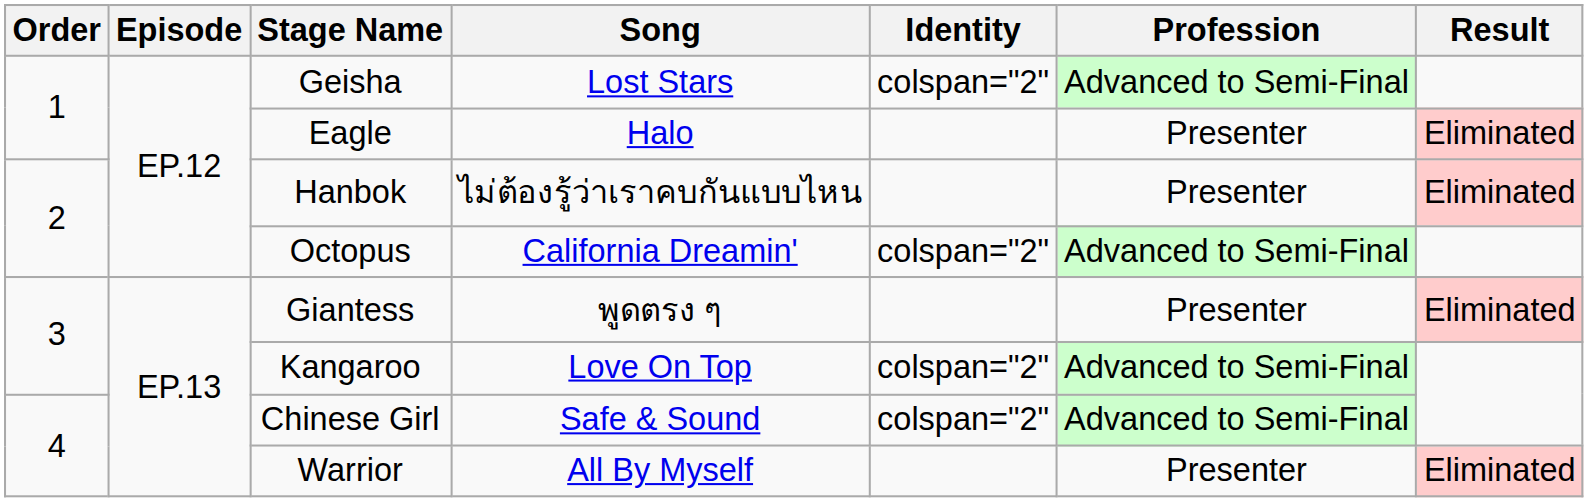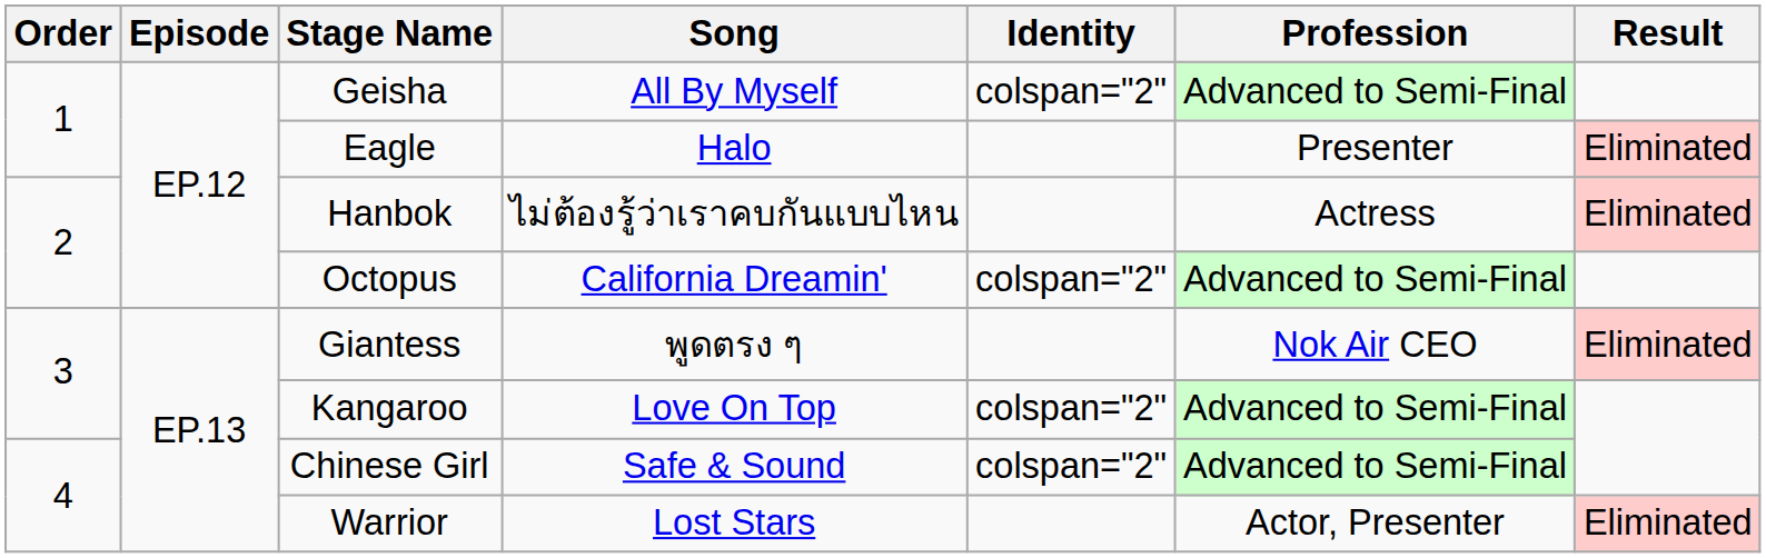 <table class="wikitable">
 <tr>
 <th>Order</th>
 <th>Episode</th>
 <th>Stage Name</th>
 <th>Song</th>
 <th>Identity</th>
 <th>Profession</th>
 <th>Result</th>
 </tr>
 <tr>
 <td rowspan="2" align="center">1</td>
 <td rowspan="4" align="center">EP.12</td>
 <td align="center">Geisha</td>
-<td align="center"><a href='#'>Lost Stars</a></td>
+<td align="center"><a href='#'>All By Myself</a></td>
 <td>colspan="2" </td>
 <td align="center" style="background:#ccffcc">Advanced to Semi-Final</td>
 </tr>
 <tr>
 <td align="center">Eagle</td>
 <td align="center"><a href='#'>Halo</a></td>
 <td align="center"></td>
 <td align="center">Presenter</td>
 <td align="center" style="background:#ffcccc">Eliminated</td>
 </tr>
 <tr>
 <td rowspan="2" align="center">2</td>
 <td align="center">Hanbok</td>
 <td align="center">ไม่ต้องรู้ว่าเราคบกันแบบไหน</td>
 <td align="center"></td>
-<td align="center">Presenter</td>
+<td align="center">Actress</td>
 <td align="center" style="background:#ffcccc">Eliminated</td>
 </tr>
 <tr>
 <td align="center">Octopus</td>
 <td align="center"><a href='#'>California Dreamin'</a></td>
 <td>colspan="2"  </td>
 <td align="center" style="background:#ccffcc">Advanced to Semi-Final</td>
 </tr>
 <tr>
 <td rowspan="2" align="center">3</td>
 <td rowspan="4" align="center">EP.13</td>
 <td align="center">Giantess</td>
 <td align="center">พูดตรง ๆ</td>
 <td align="center"></td>
-<td align="center">Presenter</td>
+<td align="center"><a href='#'>Nok Air</a> CEO</td>
 <td align="center" style="background:#ffcccc">Eliminated</td>
 </tr>
 <tr>
 <td align="center">Kangaroo</td>
 <td align="center"><a href='#'>Love On Top</a></td>
 <td>colspan="2"  </td>
 <td align="center" style="background:#ccffcc">Advanced to Semi-Final</td>
 </tr>
 <tr>
 <td rowspan="2" align="center">4</td>
 <td align="center">Chinese Girl</td>
 <td align="center"><a href='#'>Safe & Sound</a></td>
 <td>colspan="2"  </td>
 <td align="center" style="background:#ccffcc">Advanced to Semi-Final</td>
 </tr>
 <tr>
 <td align="center">Warrior</td>
-<td align="center"><a href='#'>All By Myself</a></td>
+<td align="center"><a href='#'>Lost Stars</a></td>
 <td align="center"></td>
-<td align="center">Presenter</td>
+<td align="center">Actor, Presenter</td>
 <td align="center" style="background:#ffcccc">Eliminated</td>
 </tr>
 </table>
